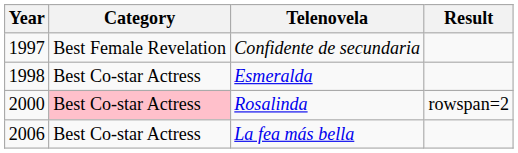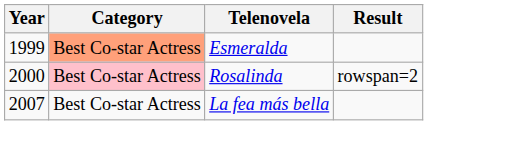 <table class="wikitable">
 <tr>
 <th><strong>Year</strong></th>
 <th><strong>Category</strong></th>
 <th><strong>Telenovela</strong></th>
 <th><strong>Result</strong></th>
 </tr>
 <tr>
-<td>1997</td>
-<td>Best Female Revelation</td>
-<td><em>Confidente de secundaria</em></td>
-<td></td>
-</tr>
-<tr>
-<td>1998</td>
-<td>Best Co-star Actress</td>
+<td>1999</td>
+<td style="background: lightsalmon;">Best Co-star Actress</td>
 <td><em><a href='#'>Esmeralda</a></em></td>
 <td></td>
 </tr>
 <tr>
 <td>2000</td>
 <td style="background: pink;">Best Co-star Actress</td>
 <td><em><a href='#'>Rosalinda</a></em></td>
 <td>rowspan=2 </td>
 </tr>
 <tr>
-<td>2006</td>
+<td>2007</td>
 <td>Best Co-star Actress</td>
 <td><em><a href='#'>La fea más bella</a></em></td>
 </tr>
 </table>
